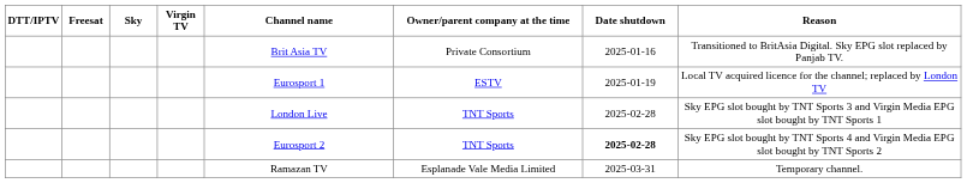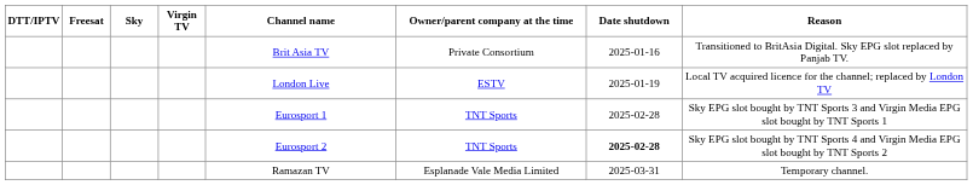 <table class="toccolors sortable" border="1" cellpadding="3" style="border-collapse:collapse; font-size: 90%; text-align:center" width="100%">
 <tr>
 <th width="5%">DTT/IPTV</th>
 <th width="5%">Freesat</th>
 <th width="5%">Sky</th>
 <th width="5%">Virgin TV</th>
 <th width="20%">Channel name</th>
 <th width="20%">Owner/parent company at the time</th>
 <th width="10%">Date shutdown </th>
 <th width="30%">Reason</th>
 </tr>
 <tr>
 <td></td>
 <td></td>
 <td></td>
 <td></td>
 <td><a href='#'>Brit Asia TV</a></td>
 <td>Private Consortium</td>
 <td>2025-01-16</td>
 <td>Transitioned to BritAsia Digital. Sky EPG slot replaced by Panjab TV.</td>
 </tr>
 <tr>
 <td></td>
 <td></td>
 <td></td>
 <td></td>
-<td><a href='#'>Eurosport 1</a></td>
+<td><a href='#'>London Live</a></td>
 <td><a href='#'>ESTV</a></td>
 <td>2025-01-19</td>
 <td>Local TV acquired licence for the channel; replaced by <a href='#'>London TV</a></td>
 </tr>
 <tr>
 <td></td>
 <td></td>
 <td></td>
 <td></td>
-<td><a href='#'>London Live</a></td>
+<td><a href='#'>Eurosport 1</a></td>
 <td><a href='#'>TNT Sports</a></td>
 <td>2025-02-28</td>
 <td> Sky EPG slot bought by TNT Sports 3 and Virgin Media EPG slot bought by TNT Sports 1</td>
 </tr>
 <tr>
 <td></td>
 <td></td>
 <td></td>
 <td></td>
 <td><a href='#'>Eurosport 2</a></td>
 <td><a href='#'>TNT Sports</a></td>
 <td><strong>2025-02-28</strong></td>
 <td> Sky EPG slot bought by TNT Sports 4 and Virgin Media EPG slot bought by TNT Sports 2</td>
 </tr>
 <tr>
 <td></td>
 <td></td>
 <td></td>
 <td></td>
 <td>Ramazan TV</td>
 <td>Esplanade Vale Media Limited</td>
 <td>2025-03-31</td>
 <td>Temporary channel.</td>
 </tr>
 </table>
